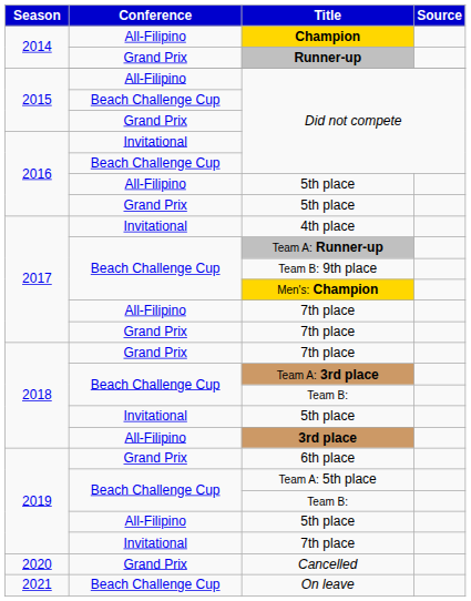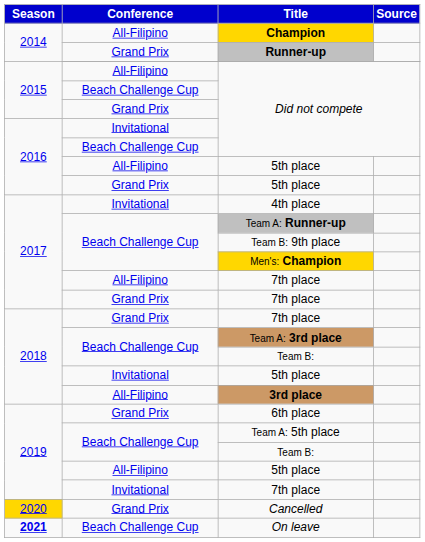 <table class="wikitable">
 <tr>
 <th width="70px" style="background:#0000CD; color:white"><strong>Season</strong></th>
 <th width="200px" style="background:#0000CD; color:white"><strong>Conference</strong></th>
 <th width="200px" style="background:#0000CD; color:white"><strong>Title</strong></th>
 <th width="50px" style="background:#0000CD; color:white"><strong>Source</strong></th>
 </tr>
 <tr style="text-align: center;">
 <td rowspan="2"><a href='#'>2014</a></td>
 <td><a href='#'>All-Filipino</a></td>
 <td style="background:gold;"><strong>Champion</strong></td>
 <td></td>
 </tr>
 <tr style="text-align: center;">
 <td><a href='#'>Grand Prix</a></td>
 <td style="background:silver;"><strong>Runner-up</strong></td>
 <td></td>
 </tr>
 <tr style="text-align: center;">
 <td rowspan="4"><a href='#'>2015</a></td>
 </tr>
 <tr style="text-align: center;">
 <td><a href='#'>All-Filipino</a></td>
 <td colspan="2" rowspan="5"><em>Did not compete</em></td>
 </tr>
 <tr style="text-align: center;">
 <td><a href='#'>Beach Challenge Cup</a></td>
 </tr>
 <tr style="text-align: center;">
 <td><a href='#'>Grand Prix</a></td>
 </tr>
 <tr style="text-align: center;">
 <td rowspan="4"><a href='#'>2016</a></td>
 <td><a href='#'>Invitational</a></td>
 </tr>
 <tr style="text-align: center;">
 <td><a href='#'>Beach Challenge Cup</a></td>
 </tr>
 <tr style="text-align: center;">
 <td><a href='#'>All-Filipino</a></td>
 <td>5th place</td>
 <td></td>
 </tr>
 <tr style="text-align: center;">
 <td><a href='#'>Grand Prix</a></td>
 <td>5th place</td>
 <td></td>
 </tr>
 <tr style="text-align: center;">
 <td rowspan="6"><a href='#'>2017</a></td>
 <td><a href='#'>Invitational</a></td>
 <td>4th place</td>
 <td></td>
 </tr>
 <tr align=center>
 <td rowspan=3><a href='#'>Beach Challenge Cup</a></td>
 <td style="background:silver;"><small>Team A:</small> <strong>Runner-up</strong></td>
 <td></td>
 </tr>
 <tr style="text-align: center;">
 <td><small>Team B:</small> 9th place</td>
 <td></td>
 </tr>
 <tr style="text-align: center;">
 <td style="background:gold;"><small>Men's:</small> <strong>Champion</strong></td>
 <td></td>
 </tr>
 <tr style="text-align: center;">
 <td><a href='#'>All-Filipino</a></td>
 <td>7th place</td>
 <td></td>
 </tr>
 <tr style="text-align: center;">
 <td><a href='#'>Grand Prix</a></td>
 <td>7th place</td>
 <td></td>
 </tr>
 <tr style="text-align: center;">
 <td rowspan=5><a href='#'>2018</a></td>
 <td><a href='#'>Grand Prix</a></td>
 <td>7th place</td>
 <td></td>
 </tr>
 <tr style="text-align: center;">
 <td rowspan=2><a href='#'>Beach Challenge Cup</a></td>
 <td style="background:#c96;"><small>Team A:</small> <strong>3rd place</strong></td>
 <td></td>
 </tr>
 <tr style="text-align: center;">
 <td><small>Team B:</small></td>
 <td></td>
 </tr>
 <tr style="text-align: center;">
 <td><a href='#'>Invitational</a></td>
 <td>5th place</td>
 <td></td>
 </tr>
 <tr style="text-align: center;">
 <td><a href='#'>All-Filipino</a></td>
 <td style="background:#CC9966;"><strong>3rd place</strong></td>
 <td></td>
 </tr>
 <tr align=center>
 <td rowspan=5><a href='#'>2019</a></td>
 <td><a href='#'>Grand Prix</a></td>
 <td>6th place</td>
 <td></td>
 </tr>
 <tr style="text-align: center;">
 <td rowspan=2><a href='#'>Beach Challenge Cup</a></td>
 <td><small>Team A:</small> 5th place</td>
 <td></td>
 </tr>
 <tr style="text-align: center;">
 <td><small>Team B:</small></td>
 <td></td>
 </tr>
 <tr align=center>
 <td><a href='#'>All-Filipino</a></td>
 <td>5th place</td>
 <td></td>
 </tr>
 <tr align=center>
 <td><a href='#'>Invitational</a></td>
 <td>7th place</td>
 <td></td>
 </tr>
 <tr align=center>
-<td><a href='#'>2020</a></td>
+<td style="background: gold;"><a href='#'>2020</a></td>
 <td><a href='#'>Grand Prix</a></td>
 <td><em>Cancelled</em></td>
 <td></td>
 </tr>
 <tr align=center>
-<td><a href='#'>2021</a></td>
+<td><strong><a href='#'>2021</a></strong></td>
 <td><a href='#'>Beach Challenge Cup</a></td>
 <td><em>On leave</em></td>
 <td></td>
 </tr>
 </table>
